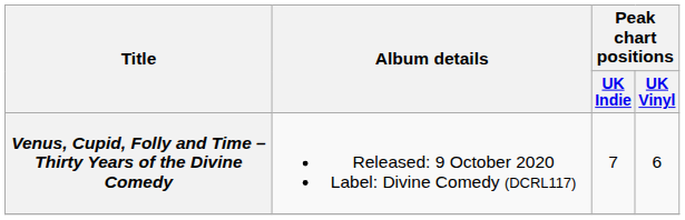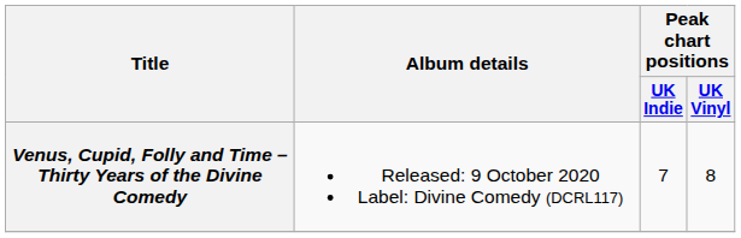 <table class="wikitable plainrowheaders" style="text-align:center;">
 <tr>
 <th scope="col" rowspan="2" style="width:15em;">Title</th>
 <th scope="col" rowspan="2" style="width:18em;">Album details</th>
 <th scope="col" colspan="2">Peak chart positions</th>
 </tr>
 <tr>
 <th style="width:2em;font-size:90%;"><a href='#'>UK<br>Indie</a><br></th>
 <th style="width:2em;font-size:90%;"><a href='#'>UK<br>Vinyl</a><br></th>
 </tr>
 <tr>
 <th scope="row"><em>Venus, Cupid, Folly and Time – Thirty Years of the Divine Comedy</em></th>
 <td><br><ul><li>Released: 9 October 2020</li><li>Label: Divine Comedy <small>(DCRL117)</small></li></ul></td>
 <td>7</td>
-<td>6</td>
+<td>8</td>
 </tr>
 <tr>
 </tr>
 </table>
